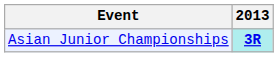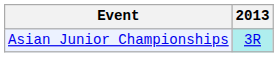 <table class="wikitable" style="font-size: 90%; text-align:center">
 <tr>
 <th>Event</th>
 <th>2013</th>
 </tr>
 <tr>
 <td bgcolor="#ECF2FF"; align="left"><a href='#'>Asian Junior Championships</a></td>
-<td bgcolor=AFEEEE><strong><a href='#'>3R</a></strong></td>
+<td bgcolor=AFEEEE><a href='#'>3R</a></td>
 </tr>
 </table>
